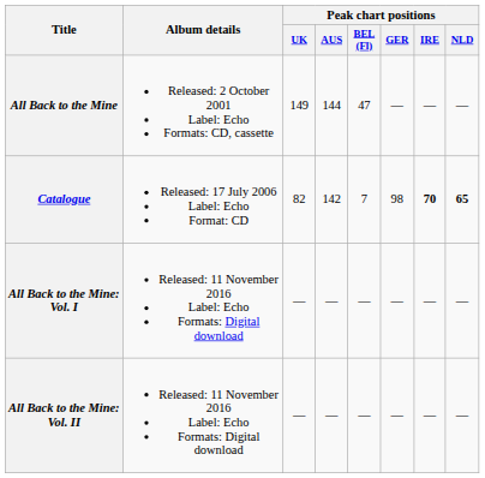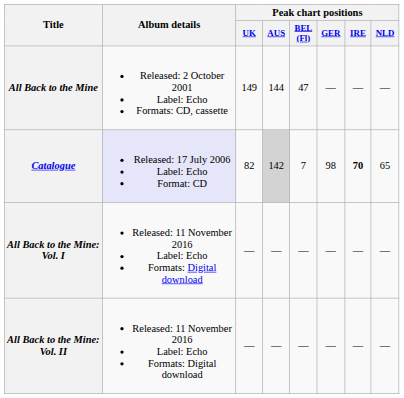 <table class="wikitable plainrowheaders" style="text-align:center;" border="1">
 <tr>
 <th scope="col" rowspan="2" style="width:12em;">Title</th>
 <th scope="col" rowspan="2" style="width:16em;">Album details</th>
 <th scope="col" colspan="8">Peak chart positions</th>
 </tr>
 <tr>
 <th scope="col" style="width:3em;font-size:85%;"><a href='#'>UK</a><br></th>
 <th scope="col" style="width:3em;font-size:85%;"><a href='#'>AUS</a><br></th>
 <th scope="col" style="width:3em;font-size:85%;"><a href='#'>BEL (Fl)</a><br></th>
 <th scope="col" style="width:3em;font-size:85%;"><a href='#'>GER</a><br></th>
 <th scope="col" style="width:3em;font-size:85%;"><a href='#'>IRE</a><br></th>
 <th scope="col" style="width:3em;font-size:85%;"><a href='#'>NLD</a><br></th>
 </tr>
 <tr>
 <th scope="row"><em>All Back to the Mine</em></th>
 <td><br><ul><li>Released: 2 October 2001</li><li>Label: Echo</li><li>Formats: CD, cassette</li></ul></td>
 <td>149</td>
 <td>144</td>
 <td>47</td>
 <td>—</td>
 <td>—</td>
 <td>—</td>
 </tr>
 <tr>
 <th scope="row"><em><a href='#'>Catalogue</a></em></th>
-<td><br><ul><li>Released: 17 July 2006</li><li>Label: Echo</li><li>Format: CD</li></ul></td>
+<td style="background: lavender;"><br><ul><li>Released: 17 July 2006</li><li>Label: Echo</li><li>Format: CD</li></ul></td>
 <td>82</td>
-<td>142</td>
+<td style="background: lightgrey;">142</td>
 <td>7</td>
 <td>98</td>
 <td><strong>70</strong></td>
-<td><strong>65</strong></td>
+<td>65</td>
 </tr>
 <tr>
 <th scope="row"><em>All Back to the Mine: Vol. I</em></th>
 <td><br><ul><li>Released: 11 November 2016</li><li>Label: Echo</li><li>Formats: <a href='#'>Digital download</a></li></ul></td>
 <td>—</td>
 <td>—</td>
 <td>—</td>
 <td>—</td>
 <td>—</td>
 <td>—</td>
 </tr>
 <tr>
 <th scope="row"><em>All Back to the Mine: Vol. II</em></th>
 <td><br><ul><li>Released: 11 November 2016</li><li>Label: Echo</li><li>Formats: Digital download</li></ul></td>
 <td>—</td>
 <td>—</td>
 <td>—</td>
 <td>—</td>
 <td>—</td>
 <td>—</td>
 </tr>
 </table>
